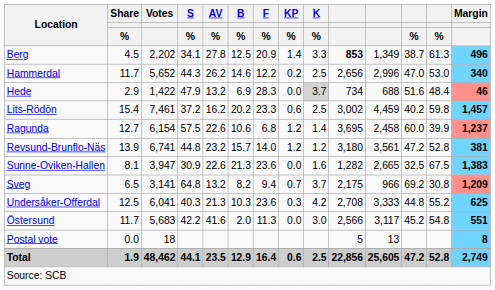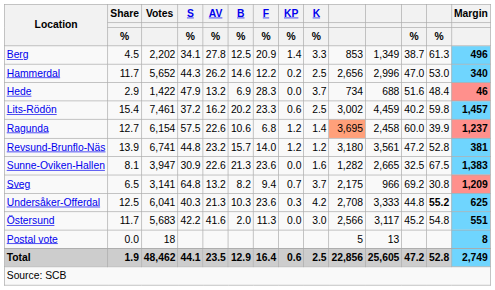 <table class="wikitable sortable" style="text-align:right; font-size:95%; line-height:20px;">
 <tr>
 <th rowspan="3">Location</th>
 <th>Share</th>
 <th>Votes</th>
 <th width="30px" class="unsortable"><a href='#'>S</a></th>
 <th width="30px" class="unsortable"><a href='#'>AV</a></th>
 <th width="30px" class="unsortable"><a href='#'>B</a></th>
 <th width="30px" class="unsortable"><a href='#'>F</a></th>
 <th width="30px" class="unsortable"><a href='#'>KP</a></th>
 <th width="30px" class="unsortable"><a href='#'>K</a></th>
 <th></th>
 <th></th>
 <th></th>
 <th></th>
 <th>Margin</th>
 </tr>
 <tr>
 <th></th>
 <th></th>
 <th style="background:"></th>
 <th style="background:"></th>
 <th style="background:"></th>
 <th style="background:"></th>
 <th style="background:"></th>
 <th style="background:"></th>
 <th style="background:"></th>
 <th style="background:"></th>
 <th style="background:"></th>
 <th style="background:"></th>
 <th></th>
 </tr>
 <tr>
 <th data-sort-type="number">%</th>
 <th></th>
 <th data-sort-type="number">%</th>
 <th data-sort-type="number">%</th>
 <th data-sort-type="number">%</th>
 <th data-sort-type="number">%</th>
 <th data-sort-type="number">%</th>
 <th data-sort-type="number">%</th>
 <th></th>
 <th></th>
 <th data-sort-type="number">%</th>
 <th data-sort-type="number">%</th>
 <th></th>
 </tr>
 <tr>
 <td align=left><a href='#'>Berg</a></td>
 <td>4.5</td>
 <td>2,202</td>
 <td>34.1</td>
 <td>27.8</td>
 <td>12.5</td>
 <td>20.9</td>
 <td>1.4</td>
 <td>3.3</td>
-<td><strong>853</strong></td>
+<td>853</td>
 <td>1,349</td>
 <td>38.7</td>
 <td>61.3</td>
 <td bgcolor=#6fd5fe><strong>496</strong></td>
 </tr>
 <tr>
 <td align=left><a href='#'>Hammerdal</a></td>
 <td>11.7</td>
 <td>5,652</td>
 <td>44.3</td>
 <td>26.2</td>
 <td>14.6</td>
 <td>12.2</td>
 <td>0.2</td>
 <td>2.5</td>
 <td>2,656</td>
 <td>2,996</td>
 <td>47.0</td>
 <td>53.0</td>
 <td bgcolor=#6fd5fe><strong>340</strong></td>
 </tr>
 <tr>
 <td align=left><a href='#'>Hede</a></td>
 <td>2.9</td>
 <td>1,422</td>
 <td>47.9</td>
 <td>13.2</td>
 <td>6.9</td>
 <td>28.3</td>
 <td>0.0</td>
-<td style="background: lightgrey;">3.7</td>
+<td>3.7</td>
 <td>734</td>
 <td>688</td>
 <td>51.6</td>
 <td>48.4</td>
 <td bgcolor=#ff908c><strong>46</strong></td>
 </tr>
 <tr>
 <td align=left><a href='#'>Lits-Rödön</a></td>
 <td>15.4</td>
 <td>7,461</td>
 <td>37.2</td>
 <td>16.2</td>
 <td>20.2</td>
 <td>23.3</td>
 <td>0.6</td>
 <td>2.5</td>
 <td>3,002</td>
 <td>4,459</td>
 <td>40.2</td>
 <td>59.8</td>
 <td bgcolor=#6fd5fe><strong>1,457</strong></td>
 </tr>
 <tr>
 <td align=left><a href='#'>Ragunda</a></td>
 <td>12.7</td>
 <td>6,154</td>
 <td>57.5</td>
 <td>22.6</td>
 <td>10.6</td>
 <td>6.8</td>
 <td>1.2</td>
 <td>1.4</td>
-<td>3,695</td>
+<td style="background: lightsalmon;">3,695</td>
 <td>2,458</td>
 <td>60.0</td>
 <td>39.9</td>
 <td bgcolor=#ff908c><strong>1,237</strong></td>
 </tr>
 <tr>
 <td align=left><a href='#'>Revsund-Brunflo-Näs</a></td>
 <td>13.9</td>
 <td>6,741</td>
 <td>44.8</td>
 <td>23.2</td>
 <td>15.7</td>
 <td>14.0</td>
 <td>1.2</td>
 <td>1.2</td>
 <td>3,180</td>
 <td>3,561</td>
 <td>47.2</td>
 <td>52.8</td>
 <td bgcolor=#6fd5fe><strong>381</strong></td>
 </tr>
 <tr>
 <td align=left><a href='#'>Sunne-Oviken-Hallen</a></td>
 <td>8.1</td>
 <td>3,947</td>
 <td>30.9</td>
 <td>22.6</td>
 <td>21.3</td>
 <td>23.6</td>
 <td>0.0</td>
 <td>1.6</td>
 <td>1,282</td>
 <td>2,665</td>
 <td>32.5</td>
 <td>67.5</td>
 <td bgcolor=#6fd5fe><strong>1,383</strong></td>
 </tr>
 <tr>
 <td align=left><a href='#'>Sveg</a></td>
 <td>6.5</td>
 <td>3,141</td>
 <td>64.8</td>
 <td>13.2</td>
 <td>8.2</td>
 <td>9.4</td>
 <td>0.7</td>
 <td>3.7</td>
 <td>2,175</td>
 <td>966</td>
 <td>69.2</td>
 <td>30.8</td>
 <td bgcolor=#ff908c><strong>1,209</strong></td>
 </tr>
 <tr>
 <td align=left><a href='#'>Undersåker-Offerdal</a></td>
 <td>12.5</td>
 <td>6,041</td>
 <td>40.3</td>
 <td>21.3</td>
 <td>10.3</td>
 <td>23.6</td>
 <td>0.3</td>
 <td>4.2</td>
 <td>2,708</td>
 <td>3,333</td>
 <td>44.8</td>
-<td>55.2</td>
+<td><strong>55.2</strong></td>
 <td bgcolor=#6fd5fe><strong>625</strong></td>
 </tr>
 <tr>
 <td align=left><a href='#'>Östersund</a></td>
 <td>11.7</td>
 <td>5,683</td>
 <td>42.2</td>
 <td>41.6</td>
 <td>2.0</td>
 <td>11.3</td>
 <td>0.0</td>
 <td>3.0</td>
 <td>2,566</td>
 <td>3,117</td>
 <td>45.2</td>
 <td>54.8</td>
 <td bgcolor=#6fd5fe><strong>551</strong></td>
 </tr>
 <tr>
 <td align=left><a href='#'>Postal vote</a></td>
 <td>0.0</td>
 <td>18</td>
 <td></td>
 <td></td>
 <td></td>
 <td></td>
 <td></td>
 <td></td>
 <td>5</td>
 <td>13</td>
 <td></td>
 <td></td>
 <td bgcolor=#6fd5fe><strong>8</strong></td>
 </tr>
 <tr>
 </tr>
 <tr style="background:#CDCDCD;">
 <td align=left><strong>Total</strong></td>
 <td><strong>1.9</strong></td>
 <td><strong>48,462</strong></td>
 <td><strong>44.1</strong></td>
 <td><strong>23.5</strong></td>
 <td><strong>12.9</strong></td>
 <td><strong>16.4</strong></td>
 <td><strong>0.6</strong></td>
 <td><strong>2.5</strong></td>
 <td><strong>22,856</strong></td>
 <td><strong>25,605</strong></td>
 <td><strong>47.2</strong></td>
 <td><strong>52.8</strong></td>
 <td bgcolor=#6fd5fe><strong>2,749</strong></td>
 </tr>
 <tr>
 <td align=left colspan=14>Source: SCB </td>
 </tr>
 </table>
